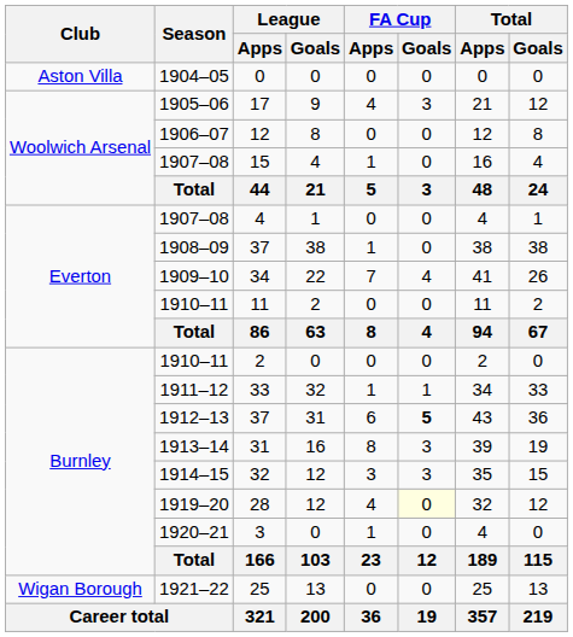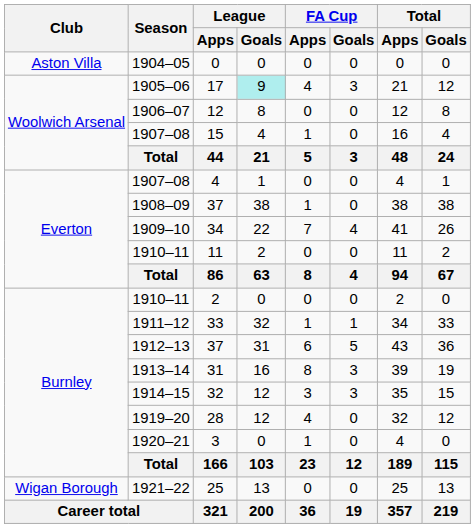 <table class="wikitable" style="text-align:center;">
 <tr>
 <th rowspan="2">Club</th>
 <th rowspan="2">Season</th>
 <th colspan="2">League</th>
 <th colspan="2"><a href='#'>FA Cup</a></th>
 <th colspan="2">Total</th>
 </tr>
 <tr>
 <th>Apps</th>
 <th>Goals</th>
 <th>Apps</th>
 <th>Goals</th>
 <th>Apps</th>
 <th>Goals</th>
 </tr>
 <tr>
 <td><a href='#'>Aston Villa</a></td>
 <td>1904–05</td>
 <td>0</td>
 <td>0</td>
 <td>0</td>
 <td>0</td>
 <td>0</td>
 <td>0</td>
 </tr>
 <tr>
 <td rowspan="4"><a href='#'>Woolwich Arsenal</a></td>
 <td>1905–06</td>
 <td>17</td>
-<td>9</td>
+<td style="background: paleturquoise;">9</td>
 <td>4</td>
 <td>3</td>
 <td>21</td>
 <td>12</td>
 </tr>
 <tr>
 <td>1906–07</td>
 <td>12</td>
 <td>8</td>
 <td>0</td>
 <td>0</td>
 <td>12</td>
 <td>8</td>
 </tr>
 <tr>
 <td>1907–08</td>
 <td>15</td>
 <td>4</td>
 <td>1</td>
 <td>0</td>
 <td>16</td>
 <td>4</td>
 </tr>
 <tr>
 <th>Total</th>
 <th>44</th>
 <th>21</th>
 <th>5</th>
 <th>3</th>
 <th>48</th>
 <th>24</th>
 </tr>
 <tr>
 <td rowspan="5"><a href='#'>Everton</a></td>
 <td>1907–08</td>
 <td>4</td>
 <td>1</td>
 <td>0</td>
 <td>0</td>
 <td>4</td>
 <td>1</td>
 </tr>
 <tr>
 <td>1908–09</td>
 <td>37</td>
 <td>38</td>
 <td>1</td>
 <td>0</td>
 <td>38</td>
 <td>38</td>
 </tr>
 <tr>
 <td>1909–10</td>
 <td>34</td>
 <td>22</td>
 <td>7</td>
 <td>4</td>
 <td>41</td>
 <td>26</td>
 </tr>
 <tr>
 <td>1910–11</td>
 <td>11</td>
 <td>2</td>
 <td>0</td>
 <td>0</td>
 <td>11</td>
 <td>2</td>
 </tr>
 <tr>
 <th>Total</th>
 <th>86</th>
 <th>63</th>
 <th>8</th>
 <th>4</th>
 <th>94</th>
 <th>67</th>
 </tr>
 <tr>
 <td rowspan="8"><a href='#'>Burnley</a></td>
 <td>1910–11</td>
 <td>2</td>
 <td>0</td>
 <td>0</td>
 <td>0</td>
 <td>2</td>
 <td>0</td>
 </tr>
 <tr>
 <td>1911–12</td>
 <td>33</td>
 <td>32</td>
 <td>1</td>
 <td>1</td>
 <td>34</td>
 <td>33</td>
 </tr>
 <tr>
 <td>1912–13</td>
 <td>37</td>
 <td>31</td>
 <td>6</td>
-<td><strong>5</strong></td>
+<td>5</td>
 <td>43</td>
 <td>36</td>
 </tr>
 <tr>
 <td>1913–14</td>
 <td>31</td>
 <td>16</td>
 <td>8</td>
 <td>3</td>
 <td>39</td>
 <td>19</td>
 </tr>
 <tr>
 <td>1914–15</td>
 <td>32</td>
 <td>12</td>
 <td>3</td>
 <td>3</td>
 <td>35</td>
 <td>15</td>
 </tr>
 <tr>
 <td>1919–20</td>
 <td>28</td>
 <td>12</td>
 <td>4</td>
-<td style="background: lightyellow;">0</td>
+<td>0</td>
 <td>32</td>
 <td>12</td>
 </tr>
 <tr>
 <td>1920–21</td>
 <td>3</td>
 <td>0</td>
 <td>1</td>
 <td>0</td>
 <td>4</td>
 <td>0</td>
 </tr>
 <tr>
 <th>Total</th>
 <th>166</th>
 <th>103</th>
 <th>23</th>
 <th>12</th>
 <th>189</th>
 <th>115</th>
 </tr>
 <tr>
 <td><a href='#'>Wigan Borough</a></td>
 <td>1921–22</td>
 <td>25</td>
 <td>13</td>
 <td>0</td>
 <td>0</td>
 <td>25</td>
 <td>13</td>
 </tr>
 <tr>
 <th colspan="2">Career total</th>
 <th>321</th>
 <th>200</th>
 <th>36</th>
 <th>19</th>
 <th>357</th>
 <th>219</th>
 </tr>
 </table>
